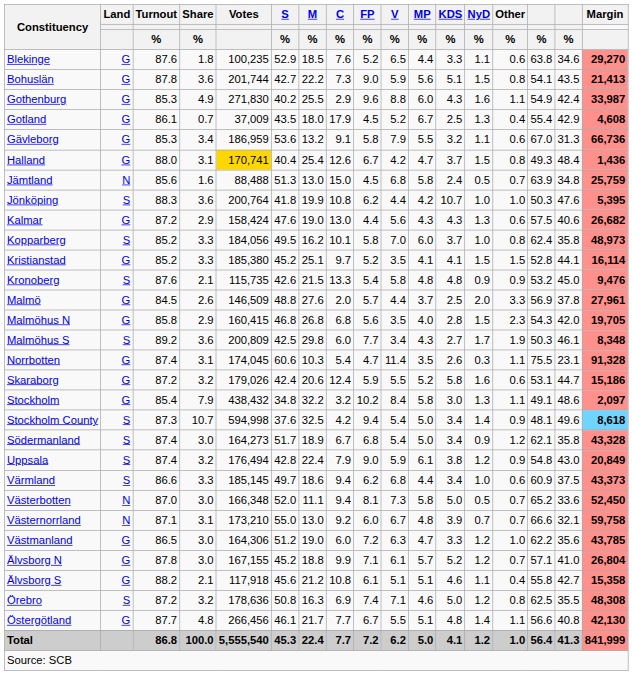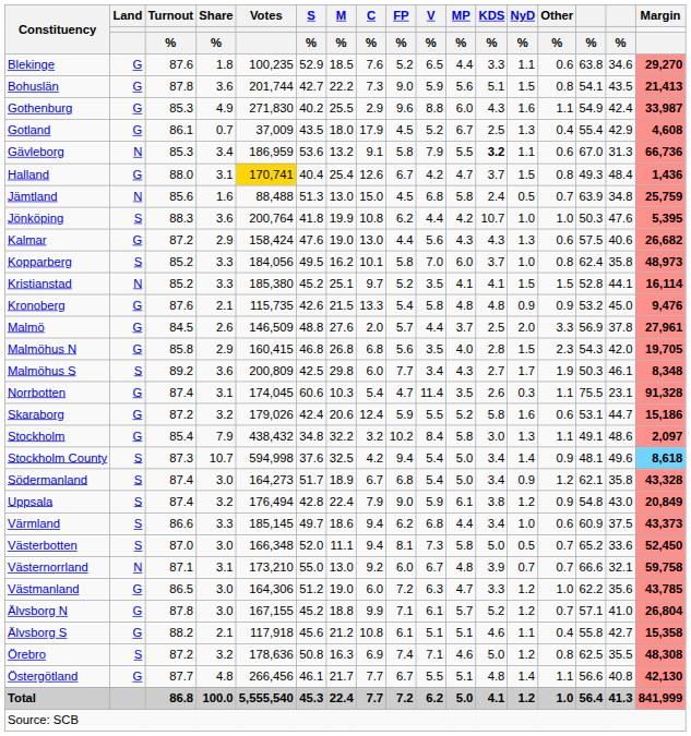 <table class="wikitable sortable" style="text-align:right; font-size:95%; line-height:20px;">
 <tr>
 <th rowspan="3">Constituency</th>
 <th>Land</th>
 <th>Turnout</th>
 <th>Share</th>
 <th>Votes</th>
 <th width="30px" class="unsortable"><a href='#'>S</a></th>
 <th width="30px" class="unsortable"><a href='#'>M</a></th>
 <th width="30px" class="unsortable"><a href='#'>C</a></th>
 <th width="30px" class="unsortable"><a href='#'>FP</a></th>
 <th width="30px" class="unsortable"><a href='#'>V</a></th>
 <th width="30px" class="unsortable"><a href='#'>MP</a></th>
 <th width="30px" class="unsortable"><a href='#'>KDS</a></th>
 <th width="30px" class="unsortable"><a href='#'>NyD</a></th>
 <th width="30px" class="unsortable">Other</th>
 <th></th>
 <th></th>
 <th>Margin</th>
 </tr>
 <tr>
 <th></th>
 <th></th>
 <th></th>
 <th></th>
 <th style="background:"></th>
 <th style="background:"></th>
 <th style="background:"></th>
 <th style="background:"></th>
 <th style="background:"></th>
 <th style="background:"></th>
 <th style="background:"></th>
 <th style="background:"></th>
 <th style="background:"></th>
 <th style="background:"></th>
 <th style="background:"></th>
 </tr>
 <tr>
 <th></th>
 <th data-sort-type="number">%</th>
 <th data-sort-type="number">%</th>
 <th></th>
 <th data-sort-type="number">%</th>
 <th data-sort-type="number">%</th>
 <th data-sort-type="number">%</th>
 <th data-sort-type="number">%</th>
 <th data-sort-type="number">%</th>
 <th data-sort-type="number">%</th>
 <th data-sort-type="number">%</th>
 <th data-sort-type="number">%</th>
 <th data-sort-type="number">%</th>
 <th data-sort-type="number">%</th>
 <th data-sort-type="number">%</th>
 <th data-sort-type="number"></th>
 </tr>
 <tr>
 <td align=left><a href='#'>Blekinge</a></td>
 <td><a href='#'>G</a></td>
 <td>87.6</td>
 <td>1.8</td>
 <td>100,235</td>
 <td>52.9</td>
 <td>18.5</td>
 <td>7.6</td>
 <td>5.2</td>
 <td>6.5</td>
 <td>4.4</td>
 <td>3.3</td>
 <td>1.1</td>
 <td>0.6</td>
 <td>63.8</td>
 <td>34.6</td>
 <td bgcolor=#ff908c><strong>29,270</strong></td>
 </tr>
 <tr>
 <td align=left><a href='#'>Bohuslän</a></td>
 <td><a href='#'>G</a></td>
 <td>87.8</td>
 <td>3.6</td>
 <td>201,744</td>
 <td>42.7</td>
 <td>22.2</td>
 <td>7.3</td>
 <td>9.0</td>
 <td>5.9</td>
 <td>5.6</td>
 <td>5.1</td>
 <td>1.5</td>
 <td>0.8</td>
 <td>54.1</td>
 <td>43.5</td>
 <td bgcolor=#ff908c><strong>21,413</strong></td>
 </tr>
 <tr>
 <td align=left><a href='#'>Gothenburg</a></td>
 <td><a href='#'>G</a></td>
 <td>85.3</td>
 <td>4.9</td>
 <td>271,830</td>
 <td>40.2</td>
 <td>25.5</td>
 <td>2.9</td>
 <td>9.6</td>
 <td>8.8</td>
 <td>6.0</td>
 <td>4.3</td>
 <td>1.6</td>
 <td>1.1</td>
 <td>54.9</td>
 <td>42.4</td>
 <td bgcolor=#ff908c><strong>33,987</strong></td>
 </tr>
 <tr>
 <td align=left><a href='#'>Gotland</a></td>
 <td><a href='#'>G</a></td>
 <td>86.1</td>
 <td>0.7</td>
 <td>37,009</td>
 <td>43.5</td>
 <td>18.0</td>
 <td>17.9</td>
 <td>4.5</td>
 <td>5.2</td>
 <td>6.7</td>
 <td>2.5</td>
 <td>1.3</td>
 <td>0.4</td>
 <td>55.4</td>
 <td>42.9</td>
 <td bgcolor=#ff908c><strong>4,608</strong></td>
 </tr>
 <tr>
 <td align=left><a href='#'>Gävleborg</a></td>
-<td><a href='#'>G</a></td>
+<td><a href='#'>N</a></td>
 <td>85.3</td>
 <td>3.4</td>
 <td>186,959</td>
 <td>53.6</td>
 <td>13.2</td>
 <td>9.1</td>
 <td>5.8</td>
 <td>7.9</td>
 <td>5.5</td>
-<td>3.2</td>
+<td><strong>3.2</strong></td>
 <td>1.1</td>
 <td>0.6</td>
 <td>67.0</td>
 <td>31.3</td>
 <td bgcolor=#ff908c><strong>66,736</strong></td>
 </tr>
 <tr>
 <td align=left><a href='#'>Halland</a></td>
 <td><a href='#'>G</a></td>
 <td>88.0</td>
 <td>3.1</td>
 <td style="background: gold;">170,741</td>
 <td>40.4</td>
 <td>25.4</td>
 <td>12.6</td>
 <td>6.7</td>
 <td>4.2</td>
 <td>4.7</td>
 <td>3.7</td>
 <td>1.5</td>
 <td>0.8</td>
 <td>49.3</td>
 <td>48.4</td>
 <td bgcolor=#ff908c><strong>1,436</strong></td>
 </tr>
 <tr>
 <td align=left><a href='#'>Jämtland</a></td>
 <td><a href='#'>N</a></td>
 <td>85.6</td>
 <td>1.6</td>
 <td>88,488</td>
 <td>51.3</td>
 <td>13.0</td>
 <td>15.0</td>
 <td>4.5</td>
 <td>6.8</td>
 <td>5.8</td>
 <td>2.4</td>
 <td>0.5</td>
 <td>0.7</td>
 <td>63.9</td>
 <td>34.8</td>
 <td bgcolor=#ff908c><strong>25,759</strong></td>
 </tr>
 <tr>
 <td align=left><a href='#'>Jönköping</a></td>
 <td><a href='#'>S</a></td>
 <td>88.3</td>
 <td>3.6</td>
 <td>200,764</td>
 <td>41.8</td>
 <td>19.9</td>
 <td>10.8</td>
 <td>6.2</td>
 <td>4.4</td>
 <td>4.2</td>
 <td>10.7</td>
 <td>1.0</td>
 <td>1.0</td>
 <td>50.3</td>
 <td>47.6</td>
 <td bgcolor=#ff908c><strong>5,395</strong></td>
 </tr>
 <tr>
 <td align=left><a href='#'>Kalmar</a></td>
 <td><a href='#'>G</a></td>
 <td>87.2</td>
 <td>2.9</td>
 <td>158,424</td>
 <td>47.6</td>
 <td>19.0</td>
 <td>13.0</td>
 <td>4.4</td>
 <td>5.6</td>
 <td>4.3</td>
 <td>4.3</td>
 <td>1.3</td>
 <td>0.6</td>
 <td>57.5</td>
 <td>40.6</td>
 <td bgcolor=#ff908c><strong>26,682</strong></td>
 </tr>
 <tr>
 <td align=left><a href='#'>Kopparberg</a></td>
 <td><a href='#'>S</a></td>
 <td>85.2</td>
 <td>3.3</td>
 <td>184,056</td>
 <td>49.5</td>
 <td>16.2</td>
 <td>10.1</td>
 <td>5.8</td>
 <td>7.0</td>
 <td>6.0</td>
 <td>3.7</td>
 <td>1.0</td>
 <td>0.8</td>
 <td>62.4</td>
 <td>35.8</td>
 <td bgcolor=#ff908c><strong>48,973</strong></td>
 </tr>
 <tr>
 <td align=left><a href='#'>Kristianstad</a></td>
-<td><a href='#'>G</a></td>
+<td><a href='#'>N</a></td>
 <td>85.2</td>
 <td>3.3</td>
 <td>185,380</td>
 <td>45.2</td>
 <td>25.1</td>
 <td>9.7</td>
 <td>5.2</td>
 <td>3.5</td>
 <td>4.1</td>
 <td>4.1</td>
 <td>1.5</td>
 <td>1.5</td>
 <td>52.8</td>
 <td>44.1</td>
 <td bgcolor=#ff908c><strong>16,114</strong></td>
 </tr>
 <tr>
 <td align=left><a href='#'>Kronoberg</a></td>
-<td><a href='#'>S</a></td>
+<td><a href='#'>G</a></td>
 <td>87.6</td>
 <td>2.1</td>
 <td>115,735</td>
 <td>42.6</td>
 <td>21.5</td>
 <td>13.3</td>
 <td>5.4</td>
 <td>5.8</td>
 <td>4.8</td>
 <td>4.8</td>
 <td>0.9</td>
 <td>0.9</td>
 <td>53.2</td>
 <td>45.0</td>
 <td bgcolor=#ff908c><strong>9,476</strong></td>
 </tr>
 <tr>
 <td align=left><a href='#'>Malmö</a></td>
 <td><a href='#'>G</a></td>
 <td>84.5</td>
 <td>2.6</td>
 <td>146,509</td>
 <td>48.8</td>
 <td>27.6</td>
 <td>2.0</td>
 <td>5.7</td>
 <td>4.4</td>
 <td>3.7</td>
 <td>2.5</td>
 <td>2.0</td>
 <td>3.3</td>
 <td>56.9</td>
 <td>37.8</td>
 <td bgcolor=#ff908c><strong>27,961</strong></td>
 </tr>
 <tr>
 <td align=left><a href='#'>Malmöhus N</a></td>
 <td><a href='#'>G</a></td>
 <td>85.8</td>
 <td>2.9</td>
 <td>160,415</td>
 <td>46.8</td>
 <td>26.8</td>
 <td>6.8</td>
 <td>5.6</td>
 <td>3.5</td>
 <td>4.0</td>
 <td>2.8</td>
 <td>1.5</td>
 <td>2.3</td>
 <td>54.3</td>
 <td>42.0</td>
 <td bgcolor=#ff908c><strong>19,705</strong></td>
 </tr>
 <tr>
 <td align=left><a href='#'>Malmöhus S</a></td>
 <td><a href='#'>S</a></td>
 <td>89.2</td>
 <td>3.6</td>
 <td>200,809</td>
 <td>42.5</td>
 <td>29.8</td>
 <td>6.0</td>
 <td>7.7</td>
 <td>3.4</td>
 <td>4.3</td>
 <td>2.7</td>
 <td>1.7</td>
 <td>1.9</td>
 <td>50.3</td>
 <td>46.1</td>
 <td bgcolor=#ff908c><strong>8,348</strong></td>
 </tr>
 <tr>
 <td align=left><a href='#'>Norrbotten</a></td>
 <td><a href='#'>G</a></td>
 <td>87.4</td>
 <td>3.1</td>
 <td>174,045</td>
 <td>60.6</td>
 <td>10.3</td>
 <td>5.4</td>
 <td>4.7</td>
 <td>11.4</td>
 <td>3.5</td>
 <td>2.6</td>
 <td>0.3</td>
 <td>1.1</td>
 <td>75.5</td>
 <td>23.1</td>
 <td bgcolor=#ff908c><strong>91,328</strong></td>
 </tr>
 <tr>
 <td align=left><a href='#'>Skaraborg</a></td>
 <td><a href='#'>G</a></td>
 <td>87.2</td>
 <td>3.2</td>
 <td>179,026</td>
 <td>42.4</td>
 <td>20.6</td>
 <td>12.4</td>
 <td>5.9</td>
 <td>5.5</td>
 <td>5.2</td>
 <td>5.8</td>
 <td>1.6</td>
 <td>0.6</td>
 <td>53.1</td>
 <td>44.7</td>
 <td bgcolor=#ff908c><strong>15,186</strong></td>
 </tr>
 <tr>
 <td align=left><a href='#'>Stockholm</a></td>
 <td><a href='#'>G</a></td>
 <td>85.4</td>
 <td>7.9</td>
 <td>438,432</td>
 <td>34.8</td>
 <td>32.2</td>
 <td>3.2</td>
 <td>10.2</td>
 <td>8.4</td>
 <td>5.8</td>
 <td>3.0</td>
 <td>1.3</td>
 <td>1.1</td>
 <td>49.1</td>
 <td>48.6</td>
 <td bgcolor=#ff908c><strong>2,097</strong></td>
 </tr>
 <tr>
 <td align=left><a href='#'>Stockholm County</a></td>
 <td><a href='#'>S</a></td>
 <td>87.3</td>
 <td>10.7</td>
 <td>594,998</td>
 <td>37.6</td>
 <td>32.5</td>
 <td>4.2</td>
 <td>9.4</td>
 <td>5.4</td>
 <td>5.0</td>
 <td>3.4</td>
 <td>1.4</td>
 <td>0.9</td>
 <td>48.1</td>
 <td>49.6</td>
 <td bgcolor=#6fd5fe><strong>8,618</strong></td>
 </tr>
 <tr>
 <td align=left><a href='#'>Södermanland</a></td>
 <td><a href='#'>S</a></td>
 <td>87.4</td>
 <td>3.0</td>
 <td>164,273</td>
 <td>51.7</td>
 <td>18.9</td>
 <td>6.7</td>
 <td>6.8</td>
 <td>5.4</td>
 <td>5.0</td>
 <td>3.4</td>
 <td>0.9</td>
 <td>1.2</td>
 <td>62.1</td>
 <td>35.8</td>
 <td bgcolor=#ff908c><strong>43,328</strong></td>
 </tr>
 <tr>
 <td align=left><a href='#'>Uppsala</a></td>
 <td><a href='#'>S</a></td>
 <td>87.4</td>
 <td>3.2</td>
 <td>176,494</td>
 <td>42.8</td>
 <td>22.4</td>
 <td>7.9</td>
 <td>9.0</td>
 <td>5.9</td>
 <td>6.1</td>
 <td>3.8</td>
 <td>1.2</td>
 <td>0.9</td>
 <td>54.8</td>
 <td>43.0</td>
 <td bgcolor=#ff908c><strong>20,849</strong></td>
 </tr>
 <tr>
 <td align=left><a href='#'>Värmland</a></td>
 <td><a href='#'>S</a></td>
 <td>86.6</td>
 <td>3.3</td>
 <td>185,145</td>
 <td>49.7</td>
 <td>18.6</td>
 <td>9.4</td>
 <td>6.2</td>
 <td>6.8</td>
 <td>4.4</td>
 <td>3.4</td>
 <td>1.0</td>
 <td>0.6</td>
 <td>60.9</td>
 <td>37.5</td>
 <td bgcolor=#ff908c><strong>43,373</strong></td>
 </tr>
 <tr>
 <td align=left><a href='#'>Västerbotten</a></td>
-<td><a href='#'>N</a></td>
+<td><a href='#'>S</a></td>
 <td>87.0</td>
 <td>3.0</td>
 <td>166,348</td>
 <td>52.0</td>
 <td>11.1</td>
 <td>9.4</td>
 <td>8.1</td>
 <td>7.3</td>
 <td>5.8</td>
 <td>5.0</td>
 <td>0.5</td>
 <td>0.7</td>
 <td>65.2</td>
 <td>33.6</td>
 <td bgcolor=#ff908c><strong>52,450</strong></td>
 </tr>
 <tr>
 <td align=left><a href='#'>Västernorrland</a></td>
 <td><a href='#'>N</a></td>
 <td>87.1</td>
 <td>3.1</td>
 <td>173,210</td>
 <td>55.0</td>
 <td>13.0</td>
 <td>9.2</td>
 <td>6.0</td>
 <td>6.7</td>
 <td>4.8</td>
 <td>3.9</td>
 <td>0.7</td>
 <td>0.7</td>
 <td>66.6</td>
 <td>32.1</td>
 <td bgcolor=#ff908c><strong>59,758</strong></td>
 </tr>
 <tr>
 <td align=left><a href='#'>Västmanland</a></td>
 <td><a href='#'>G</a></td>
 <td>86.5</td>
 <td>3.0</td>
 <td>164,306</td>
 <td>51.2</td>
 <td>19.0</td>
 <td>6.0</td>
 <td>7.2</td>
 <td>6.3</td>
 <td>4.7</td>
 <td>3.3</td>
 <td>1.2</td>
 <td>1.0</td>
 <td>62.2</td>
 <td>35.6</td>
 <td bgcolor=#ff908c><strong>43,785</strong></td>
 </tr>
 <tr>
 <td align=left><a href='#'>Älvsborg N</a></td>
 <td><a href='#'>G</a></td>
 <td>87.8</td>
 <td>3.0</td>
 <td>167,155</td>
 <td>45.2</td>
 <td>18.8</td>
 <td>9.9</td>
 <td>7.1</td>
 <td>6.1</td>
 <td>5.7</td>
 <td>5.2</td>
 <td>1.2</td>
 <td>0.7</td>
 <td>57.1</td>
 <td>41.0</td>
 <td bgcolor=#ff908c><strong>26,804</strong></td>
 </tr>
 <tr>
 <td align=left><a href='#'>Älvsborg S</a></td>
 <td><a href='#'>G</a></td>
 <td>88.2</td>
 <td>2.1</td>
 <td>117,918</td>
 <td>45.6</td>
 <td>21.2</td>
 <td>10.8</td>
 <td>6.1</td>
 <td>5.1</td>
 <td>5.1</td>
 <td>4.6</td>
 <td>1.1</td>
 <td>0.4</td>
 <td>55.8</td>
 <td>42.7</td>
 <td bgcolor=#ff908c><strong>15,358</strong></td>
 </tr>
 <tr>
 <td align=left><a href='#'>Örebro</a></td>
 <td><a href='#'>S</a></td>
 <td>87.2</td>
 <td>3.2</td>
 <td>178,636</td>
 <td>50.8</td>
 <td>16.3</td>
 <td>6.9</td>
 <td>7.4</td>
 <td>7.1</td>
 <td>4.6</td>
 <td>5.0</td>
 <td>1.2</td>
 <td>0.8</td>
 <td>62.5</td>
 <td>35.5</td>
 <td bgcolor=#ff908c><strong>48,308</strong></td>
 </tr>
 <tr>
 <td align=left><a href='#'>Östergötland</a></td>
 <td><a href='#'>G</a></td>
 <td>87.7</td>
 <td>4.8</td>
 <td>266,456</td>
 <td>46.1</td>
 <td>21.7</td>
 <td>7.7</td>
 <td>6.7</td>
 <td>5.5</td>
 <td>5.1</td>
 <td>4.8</td>
 <td>1.4</td>
 <td>1.1</td>
 <td>56.6</td>
 <td>40.8</td>
 <td bgcolor=#ff908c><strong>42,130</strong></td>
 </tr>
 <tr>
 </tr>
 <tr style="background:#CDCDCD;">
 <td align=left><strong>Total</strong></td>
 <td></td>
 <td><strong>86.8</strong></td>
 <td><strong>100.0</strong></td>
 <td><strong>5,555,540</strong></td>
 <td><strong>45.3</strong></td>
 <td><strong>22.4</strong></td>
 <td><strong>7.7</strong></td>
 <td><strong>7.2</strong></td>
 <td><strong>6.2</strong></td>
 <td><strong>5.0</strong></td>
 <td><strong>4.1</strong></td>
 <td><strong>1.2</strong></td>
 <td><strong>1.0</strong></td>
 <td><strong>56.4</strong></td>
 <td><strong>41.3</strong></td>
 <td bgcolor=#ff908c><strong>841,999</strong></td>
 </tr>
 <tr>
 <td align=left colspan=17>Source: SCB </td>
 </tr>
 </table>
